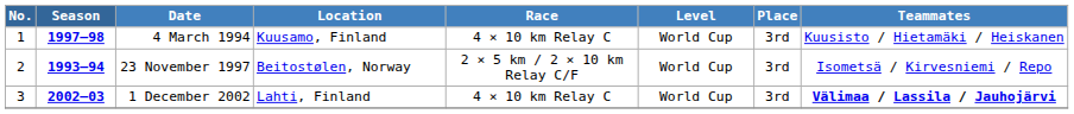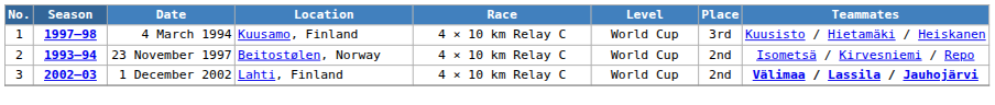 <table class="wikitable sortable" style="font-size:95%; text-align:center; border:grey solid 1px; border-collapse:collapse; background:#ffffff;">
 <tr style="background:#efefef;">
 <th style="background-color:#369; color:white;">No.</th>
 <th style="background-color:#369; color:white;">Season</th>
 <th style="background-color:#4180be; color:white; width:120px;">Date</th>
 <th style="background-color:#4180be; color:white; width:170px;">Location</th>
 <th style="background-color:#4180be; color:white; width:170px;">Race</th>
 <th style="background-color:#4180be; color:white; width:100px;">Level</th>
 <th style="background-color:#4180be; color:white;">Place</th>
 <th style="background-color:#4180be; color:white;">Teammates</th>
 </tr>
 <tr>
 <td align=center>1</td>
 <td rowspan=1 align=center><strong> <a href='#'>1997–98</a> </strong></td>
 <td align=right>4 March 1994</td>
 <td align=left> <a href='#'>Kuusamo</a>, Finland</td>
 <td>4 × 10 km Relay C</td>
 <td>World Cup</td>
 <td>3rd</td>
 <td><a href='#'>Kuusisto</a> / <a href='#'>Hietamäki</a> / <a href='#'>Heiskanen</a></td>
 </tr>
 <tr>
 <td align=center>2</td>
 <td rowspan=1 align=center><strong><a href='#'>1993–94</a></strong></td>
 <td align=right>23 November 1997</td>
 <td align=left> <a href='#'>Beitostølen</a>, Norway</td>
-<td>2 × 5 km / 2 × 10 km Relay C/F</td>
+<td>4 × 10 km Relay C</td>
 <td>World Cup</td>
-<td>3rd</td>
+<td>2nd</td>
 <td><a href='#'>Isometsä</a> / <a href='#'>Kirvesniemi</a> / <a href='#'>Repo</a></td>
 </tr>
 <tr>
 <td align=center>3</td>
 <td rowspan=1 align=center><strong> <a href='#'>2002–03</a> </strong></td>
 <td align=right>1 December 2002</td>
 <td align=left> <a href='#'>Lahti</a>, Finland</td>
 <td>4 × 10 km Relay C</td>
 <td>World Cup</td>
-<td>3rd</td>
+<td>2nd</td>
 <td><strong><a href='#'>Välimaa</a> / <a href='#'>Lassila</a> / <a href='#'>Jauhojärvi</a></strong></td>
 </tr>
 <tr>
 </tr>
 </table>
